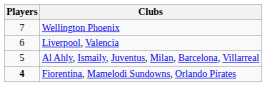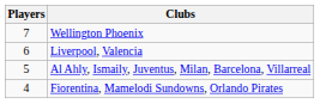 <table class="wikitable">
 <tr>
 <th>Players</th>
 <th>Clubs</th>
 </tr>
 <tr>
 <td align="center">7</td>
 <td> <a href='#'>Wellington Phoenix</a></td>
 </tr>
 <tr>
 <td align="center">6</td>
 <td> <a href='#'>Liverpool</a>,  <a href='#'>Valencia</a></td>
 </tr>
 <tr>
 <td align="center">5</td>
 <td> <a href='#'>Al Ahly</a>,  <a href='#'>Ismaily</a>,  <a href='#'>Juventus</a>,  <a href='#'>Milan</a>,  <a href='#'>Barcelona</a>,  <a href='#'>Villarreal</a></td>
 </tr>
 <tr>
-<td align="center"><strong>4</strong></td>
+<td align="center">4</td>
 <td> <a href='#'>Fiorentina</a>,  <a href='#'>Mamelodi Sundowns</a>,  <a href='#'>Orlando Pirates</a></td>
 </tr>
 </table>
